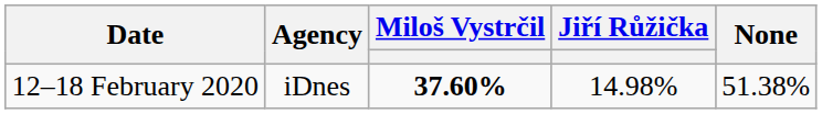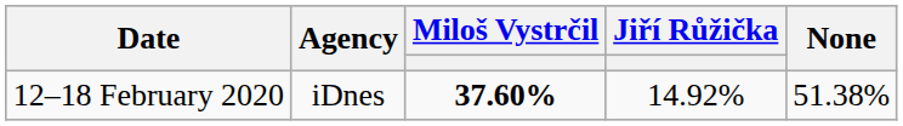 <table class="wikitable" style=text-align:center>
 <tr>
 <th rowspan="2">Date</th>
 <th rowspan="2">Agency</th>
 <th><a href='#'>Miloš Vystrčil</a></th>
 <th><a href='#'>Jiří Růžička</a></th>
 <th rowspan="2">None</th>
 </tr>
 <tr>
 <th style="background:"></th>
 <th style="background:"></th>
 </tr>
 <tr>
 <td>12–18 February 2020</td>
 <td>iDnes</td>
 <td><strong>37.60%</strong></td>
-<td>14.98%</td>
+<td>14.92%</td>
 <td>51.38%</td>
 </tr>
 </table>
